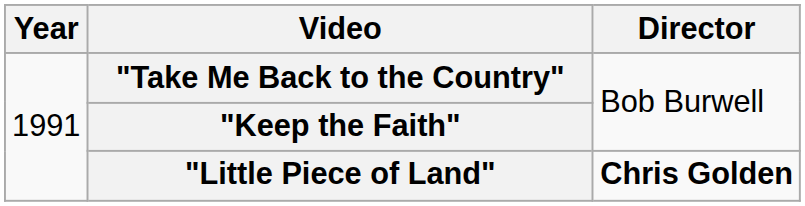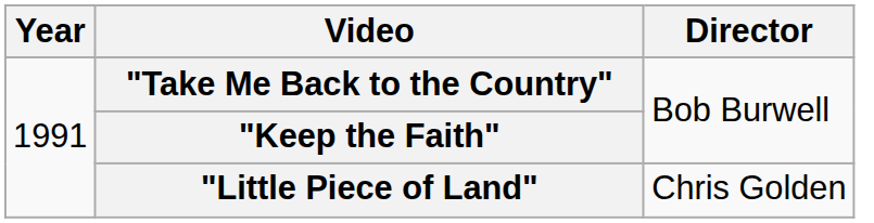 <table class="wikitable plainrowheaders">
 <tr>
 <th>Year</th>
 <th style="width:16em;">Video</th>
 <th>Director</th>
 </tr>
 <tr>
 <td rowspan="3">1991</td>
 <th scope="row">"Take Me Back to the Country"</th>
 <td rowspan="2">Bob Burwell</td>
 </tr>
 <tr>
 <th scope="row">"Keep the Faith"</th>
 </tr>
 <tr>
 <th scope="row">"Little Piece of Land"</th>
-<td><strong>Chris Golden</strong></td>
+<td>Chris Golden</td>
 </tr>
 </table>
